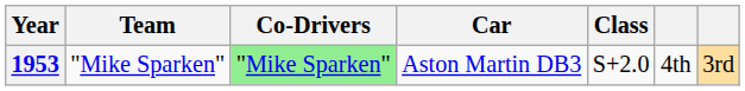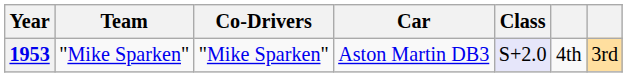 <table class="wikitable" style="text-align:center; font-size:90%">
 <tr>
 <th>Year</th>
 <th>Team</th>
 <th>Co-Drivers</th>
 <th>Car</th>
 <th>Class</th>
 <th></th>
 <th></th>
 </tr>
 <tr>
 <th rowspan=2><a href='#'>1953</a></th>
 <td align="left"> "<a href='#'>Mike Sparken</a>"</td>
-<td align="left" style="background: lightgreen;"> "<a href='#'>Mike Sparken</a>"</td>
+<td align="left"> "<a href='#'>Mike Sparken</a>"</td>
 <td align="left"><a href='#'>Aston Martin DB3</a></td>
-<td>S+2.0</td>
+<td style="background: lavender;">S+2.0</td>
 <td>4th</td>
 <td style="background:#ffdf9f;">3rd</td>
 </tr>
 </table>
